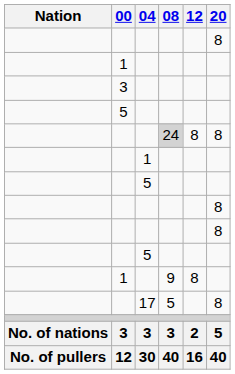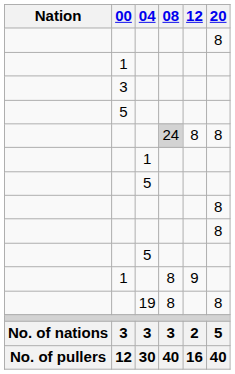 <table ! class=wikitable style="text-align:center">
 <tr>
 <th>Nation</th>
 <th><a href='#'>00</a></th>
 <th><a href='#'>04</a></th>
 <th><a href='#'>08</a></th>
 <th><a href='#'>12</a></th>
 <th><a href='#'>20</a></th>
 </tr>
 <tr>
 <td align=left></td>
 <td></td>
 <td></td>
 <td></td>
 <td></td>
 <td>8</td>
 </tr>
 <tr>
 <td align=left></td>
 <td>1</td>
 <td></td>
 <td></td>
 <td></td>
 <td></td>
 </tr>
 <tr>
 <td align=left></td>
 <td>3</td>
 <td></td>
 <td></td>
 <td></td>
 <td></td>
 </tr>
 <tr>
 <td align=left></td>
 <td>5</td>
 <td></td>
 <td></td>
 <td></td>
 <td></td>
 </tr>
 <tr>
 <td align=left></td>
 <td></td>
 <td></td>
 <td style="background: lightgrey;">24</td>
 <td>8</td>
 <td>8</td>
 </tr>
 <tr>
 <td align=left></td>
 <td></td>
 <td>1</td>
 <td></td>
 <td></td>
 <td></td>
 </tr>
 <tr>
 <td align=left></td>
 <td></td>
 <td>5</td>
 <td></td>
 <td></td>
 <td></td>
 </tr>
 <tr>
 <td align=left></td>
 <td></td>
 <td></td>
 <td></td>
 <td></td>
 <td>8</td>
 </tr>
 <tr>
 <td align=left></td>
 <td></td>
 <td></td>
 <td></td>
 <td></td>
 <td>8</td>
 </tr>
 <tr>
 <td align=left></td>
 <td></td>
 <td>5</td>
 <td></td>
 <td></td>
 <td></td>
 </tr>
 <tr>
 <td align=left></td>
 <td>1</td>
 <td></td>
+<td>8</td>
 <td>9</td>
-<td>8</td>
 <td></td>
 </tr>
 <tr>
 <td align=left></td>
 <td></td>
-<td>17</td>
-<td>5</td>
+<td>19</td>
+<td>8</td>
 <td></td>
 <td>8</td>
 </tr>
 <tr>
 <td colspan=7 bgcolor=lightgray></td>
 </tr>
 <tr>
 <th>No. of nations</th>
 <th>3</th>
 <th>3</th>
 <th>3</th>
 <th>2</th>
 <th>5</th>
 </tr>
 <tr>
 <th>No. of pullers</th>
 <th>12</th>
 <th>30</th>
 <th>40</th>
 <th>16</th>
 <th>40</th>
 </tr>
 </table>
